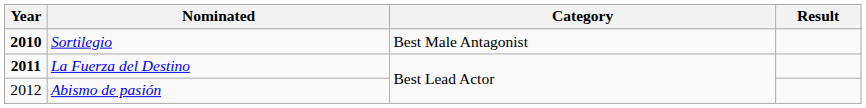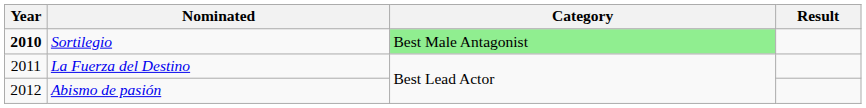 <table class="wikitable" style="width:100%;">
 <tr>
 <th width=5%>Year</th>
 <th style="width:40%;">Nominated</th>
 <th style="width:45%;">Category</th>
 <th style="width:10%;">Result</th>
 </tr>
 <tr>
 <td style="text-align:center;"><strong>2010</strong></td>
 <td><em><a href='#'>Sortilegio</a></em></td>
-<td>Best Male Antagonist</td>
+<td style="background: lightgreen;">Best Male Antagonist</td>
 <td></td>
 </tr>
 <tr>
-<td style="text-align:center;"><strong>2011</strong></td>
+<td style="text-align:center;">2011</td>
 <td><em><a href='#'>La Fuerza del Destino</a></em></td>
 <td rowspan="2">Best Lead Actor</td>
 <td></td>
 </tr>
 <tr>
 <td style="text-align:center;">2012</td>
 <td><em><a href='#'>Abismo de pasión</a></em></td>
 <td></td>
 </tr>
 </table>
